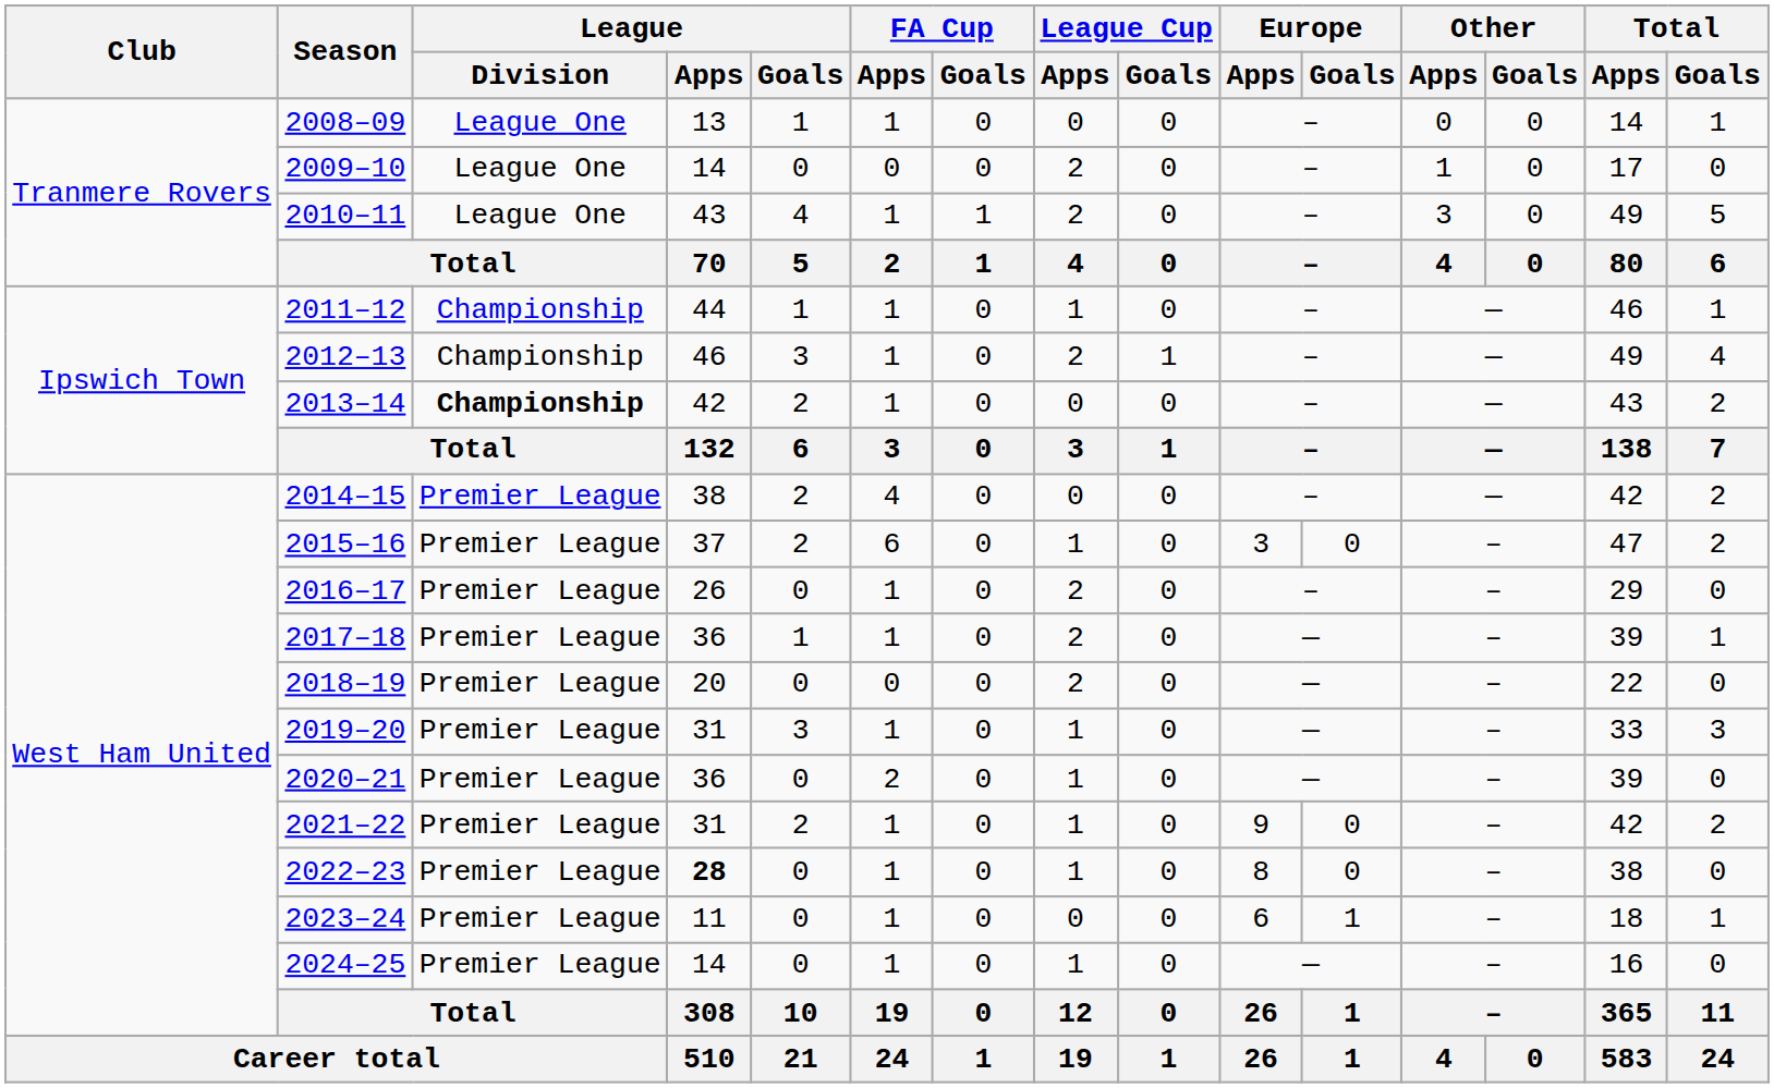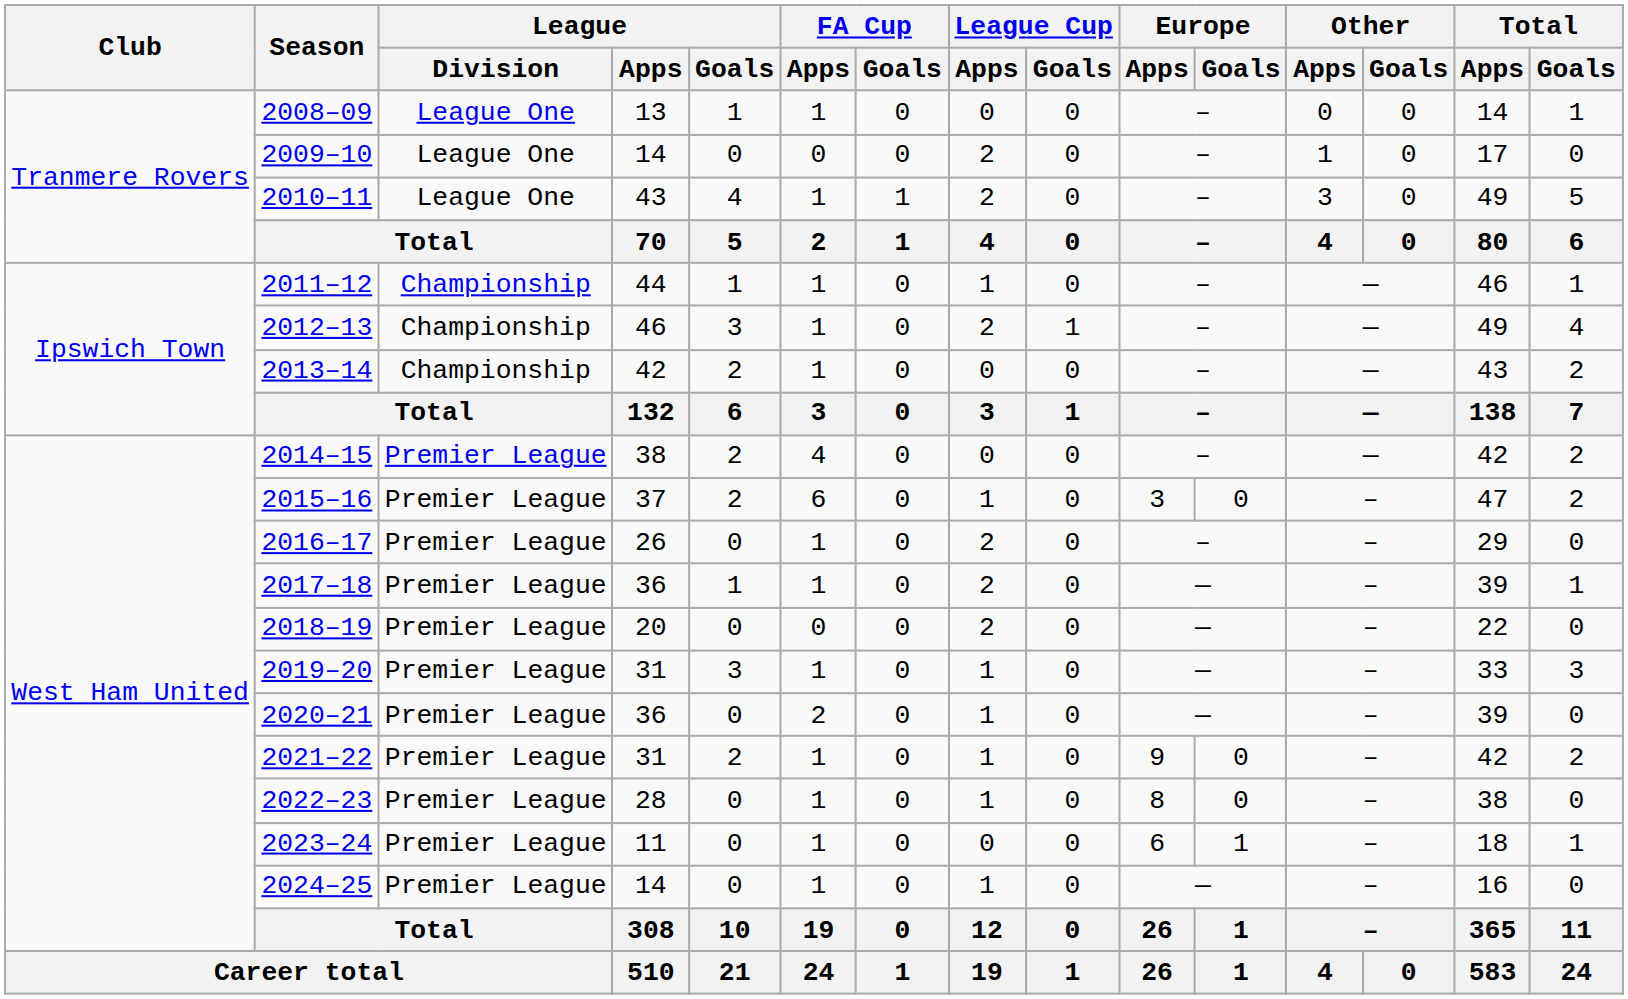 <table class=wikitable style=text-align:center>
 <tr>
 <th rowspan=2>Club</th>
 <th rowspan=2>Season</th>
 <th colspan=3>League</th>
 <th colspan=2><a href='#'>FA Cup</a></th>
 <th colspan=2><a href='#'>League Cup</a></th>
 <th colspan=2>Europe</th>
 <th colspan=2>Other</th>
 <th colspan=2>Total</th>
 </tr>
 <tr>
 <th>Division</th>
 <th>Apps</th>
 <th>Goals</th>
 <th>Apps</th>
 <th>Goals</th>
 <th>Apps</th>
 <th>Goals</th>
 <th>Apps</th>
 <th>Goals</th>
 <th>Apps</th>
 <th>Goals</th>
 <th>Apps</th>
 <th>Goals</th>
 </tr>
 <tr>
 <td rowspan=4><a href='#'>Tranmere Rovers</a></td>
 <td><a href='#'>2008–09</a></td>
 <td><a href='#'>League One</a></td>
 <td>13</td>
 <td>1</td>
 <td>1</td>
 <td>0</td>
 <td>0</td>
 <td>0</td>
 <td colspan="2">–</td>
 <td>0</td>
 <td>0</td>
 <td>14</td>
 <td>1</td>
 </tr>
 <tr>
 <td><a href='#'>2009–10</a></td>
 <td>League One</td>
 <td>14</td>
 <td>0</td>
 <td>0</td>
 <td>0</td>
 <td>2</td>
 <td>0</td>
 <td colspan="2">–</td>
 <td>1</td>
 <td>0</td>
 <td>17</td>
 <td>0</td>
 </tr>
 <tr>
 <td><a href='#'>2010–11</a></td>
 <td>League One</td>
 <td>43</td>
 <td>4</td>
 <td>1</td>
 <td>1</td>
 <td>2</td>
 <td>0</td>
 <td colspan="2">–</td>
 <td>3</td>
 <td>0</td>
 <td>49</td>
 <td>5</td>
 </tr>
 <tr>
 <th colspan=2>Total</th>
 <th>70</th>
 <th>5</th>
 <th>2</th>
 <th>1</th>
 <th>4</th>
 <th>0</th>
 <th colspan="2">–</th>
 <th>4</th>
 <th>0</th>
 <th>80</th>
 <th>6</th>
 </tr>
 <tr>
 <td rowspan=4><a href='#'>Ipswich Town</a></td>
 <td><a href='#'>2011–12</a></td>
 <td><a href='#'>Championship</a></td>
 <td>44</td>
 <td>1</td>
 <td>1</td>
 <td>0</td>
 <td>1</td>
 <td>0</td>
 <td colspan="2">–</td>
 <td colspan=2>—</td>
 <td>46</td>
 <td>1</td>
 </tr>
 <tr>
 <td><a href='#'>2012–13</a></td>
 <td>Championship</td>
 <td>46</td>
 <td>3</td>
 <td>1</td>
 <td>0</td>
 <td>2</td>
 <td>1</td>
 <td colspan="2">–</td>
 <td colspan=2>—</td>
 <td>49</td>
 <td>4</td>
 </tr>
 <tr>
 <td><a href='#'>2013–14</a></td>
-<td><strong>Championship</strong></td>
+<td>Championship</td>
 <td>42</td>
 <td>2</td>
 <td>1</td>
 <td>0</td>
 <td>0</td>
 <td>0</td>
 <td colspan="2">–</td>
 <td colspan=2>—</td>
 <td>43</td>
 <td>2</td>
 </tr>
 <tr>
 <th colspan=2>Total</th>
 <th>132</th>
 <th>6</th>
 <th>3</th>
 <th>0</th>
 <th>3</th>
 <th>1</th>
 <th colspan="2">–</th>
 <th colspan=2>—</th>
 <th>138</th>
 <th>7</th>
 </tr>
 <tr>
 <td rowspan="12"><a href='#'>West Ham United</a></td>
 <td><a href='#'>2014–15</a></td>
 <td><a href='#'>Premier League</a></td>
 <td>38</td>
 <td>2</td>
 <td>4</td>
 <td>0</td>
 <td>0</td>
 <td>0</td>
 <td colspan="2">–</td>
 <td colspan=2>—</td>
 <td>42</td>
 <td>2</td>
 </tr>
 <tr>
 <td><a href='#'>2015–16</a></td>
 <td>Premier League</td>
 <td>37</td>
 <td>2</td>
 <td>6</td>
 <td>0</td>
 <td>1</td>
 <td>0</td>
 <td>3</td>
 <td>0</td>
 <td colspan="2">–</td>
 <td>47</td>
 <td>2</td>
 </tr>
 <tr>
 <td><a href='#'>2016–17</a></td>
 <td>Premier League</td>
 <td>26</td>
 <td>0</td>
 <td>1</td>
 <td>0</td>
 <td>2</td>
 <td>0</td>
 <td colspan="2">–</td>
 <td colspan="2">–</td>
 <td>29</td>
 <td>0</td>
 </tr>
 <tr>
 <td><a href='#'>2017–18</a></td>
 <td>Premier League</td>
 <td>36</td>
 <td>1</td>
 <td>1</td>
 <td>0</td>
 <td>2</td>
 <td>0</td>
 <td colspan=2>—</td>
 <td colspan="2">–</td>
 <td>39</td>
 <td>1</td>
 </tr>
 <tr>
 <td><a href='#'>2018–19</a></td>
 <td>Premier League</td>
 <td>20</td>
 <td>0</td>
 <td>0</td>
 <td>0</td>
 <td>2</td>
 <td>0</td>
 <td colspan=2>—</td>
 <td colspan="2">–</td>
 <td>22</td>
 <td>0</td>
 </tr>
 <tr>
 <td><a href='#'>2019–20</a></td>
 <td>Premier League</td>
 <td>31</td>
 <td>3</td>
 <td>1</td>
 <td>0</td>
 <td>1</td>
 <td>0</td>
 <td colspan=2>—</td>
 <td colspan="2">–</td>
 <td>33</td>
 <td>3</td>
 </tr>
 <tr>
 <td><a href='#'>2020–21</a></td>
 <td>Premier League</td>
 <td>36</td>
 <td>0</td>
 <td>2</td>
 <td>0</td>
 <td>1</td>
 <td>0</td>
 <td colspan=2>—</td>
 <td colspan="2">–</td>
 <td>39</td>
 <td>0</td>
 </tr>
 <tr>
 <td><a href='#'>2021–22</a></td>
 <td>Premier League</td>
 <td>31</td>
 <td>2</td>
 <td>1</td>
 <td>0</td>
 <td>1</td>
 <td>0</td>
 <td>9</td>
 <td>0</td>
 <td colspan="2">–</td>
 <td>42</td>
 <td>2</td>
 </tr>
 <tr>
 <td><a href='#'>2022–23</a></td>
 <td>Premier League</td>
-<td><strong>28</strong></td>
+<td>28</td>
 <td>0</td>
 <td>1</td>
 <td>0</td>
 <td>1</td>
 <td>0</td>
 <td>8</td>
 <td>0</td>
 <td colspan="2">–</td>
 <td>38</td>
 <td>0</td>
 </tr>
 <tr>
 <td><a href='#'>2023–24</a></td>
 <td>Premier League</td>
 <td>11</td>
 <td>0</td>
 <td>1</td>
 <td>0</td>
 <td>0</td>
 <td>0</td>
 <td>6</td>
 <td>1</td>
 <td colspan="2">–</td>
 <td>18</td>
 <td>1</td>
 </tr>
 <tr>
 <td><a href='#'>2024–25</a></td>
 <td>Premier League</td>
 <td>14</td>
 <td>0</td>
 <td>1</td>
 <td>0</td>
 <td>1</td>
 <td>0</td>
 <td colspan=2>—</td>
 <td colspan="2">–</td>
 <td>16</td>
 <td>0</td>
 </tr>
 <tr>
 <th colspan=2>Total</th>
 <th>308</th>
 <th>10</th>
 <th>19</th>
 <th>0</th>
 <th>12</th>
 <th>0</th>
 <th>26</th>
 <th>1</th>
 <th colspan="2">–</th>
 <th>365</th>
 <th>11</th>
 </tr>
 <tr>
 <th colspan=3>Career total</th>
 <th>510</th>
 <th>21</th>
 <th>24</th>
 <th>1</th>
 <th>19</th>
 <th>1</th>
 <th>26</th>
 <th>1</th>
 <th>4</th>
 <th>0</th>
 <th>583</th>
 <th>24</th>
 </tr>
 </table>
